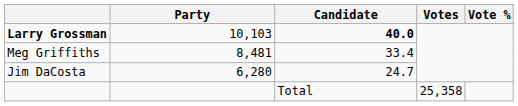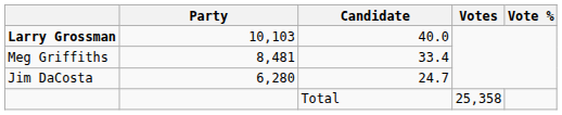 <table class="wikitable">
 <tr>
 <th></th>
 <th scope="col" width="175">Party</th>
 <th scope="col" width="150">Candidate</th>
 <th>Votes</th>
 <th>Vote %</th>
 </tr>
 <tr>
 <td><strong>Larry Grossman</strong></td>
 <td align=right>10,103</td>
-<td align=right><strong>40.0</strong></td>
+<td align=right>40.0</td>
 </tr>
 <tr |>
 <td>Meg Griffiths</td>
 <td align=right>8,481</td>
 <td align=right>33.4</td>
 </tr>
 <tr |>
 <td>Jim DaCosta</td>
 <td align=right>6,280</td>
 <td align=right>24.7<br> </td>
 </tr>
 <tr |>
 <td></td>
 <td></td>
 <td>Total</td>
 <td align=right>25,358</td>
 <td></td>
 </tr>
 </table>
